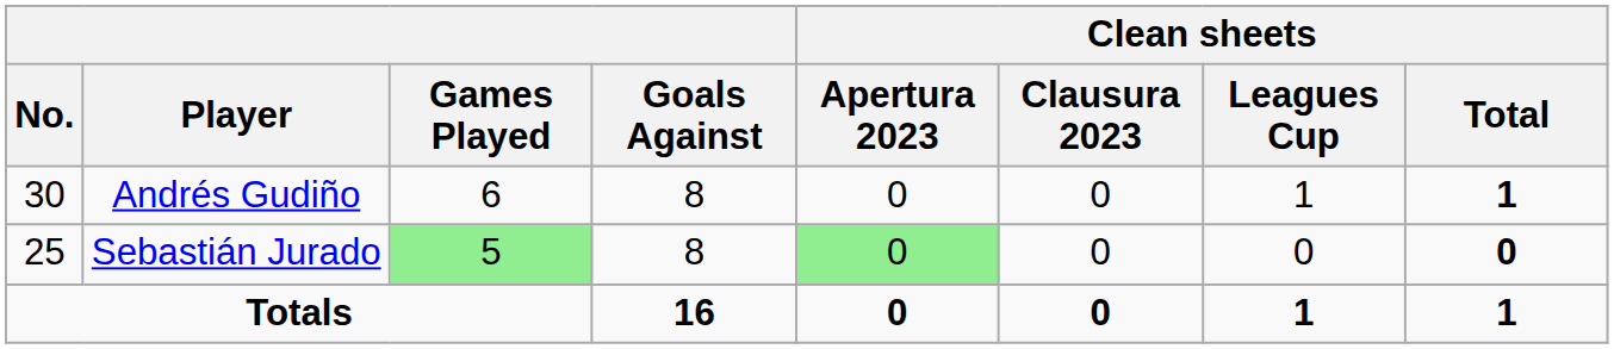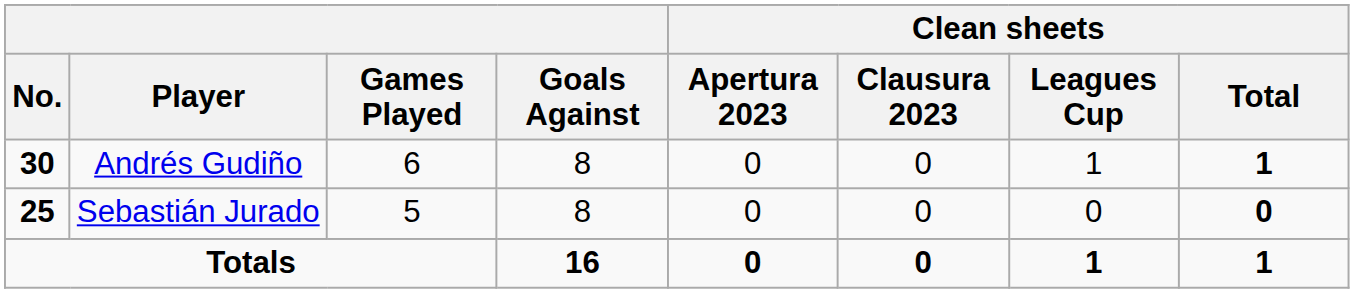 <table class="wikitable sortable alternance" style="text-align:center">
 <tr>
 <th colspan="4"></th>
 <th colspan="5">Clean sheets</th>
 </tr>
 <tr>
 <th>No.</th>
 <th>Player</th>
 <th width=80>Games Played</th>
 <th width=80>Goals Against</th>
 <th width=80>Apertura 2023</th>
 <th width=80>Clausura 2023</th>
 <th width=80>Leagues Cup</th>
 <th width=80>Total</th>
 </tr>
 <tr>
-<td>30</td>
+<td><strong>30</strong></td>
 <td> <a href='#'>Andrés Gudiño</a></td>
 <td>6</td>
 <td>8</td>
 <td>0</td>
 <td>0</td>
 <td>1</td>
 <td><strong>1</strong></td>
 </tr>
 <tr>
-<td>25</td>
+<td><strong>25</strong></td>
 <td> <a href='#'>Sebastián Jurado</a></td>
-<td style="background: lightgreen;">5</td>
+<td>5</td>
 <td>8</td>
-<td style="background: lightgreen;">0</td>
+<td>0</td>
 <td>0</td>
 <td>0</td>
 <td><strong>0</strong></td>
 </tr>
 <tr class="sortbottom">
 <td colspan="3"><strong>Totals</strong></td>
 <td><strong>16</strong></td>
 <td><strong>0</strong></td>
 <td><strong>0</strong></td>
 <td><strong>1</strong></td>
 <td><strong>1</strong></td>
 </tr>
 </table>
